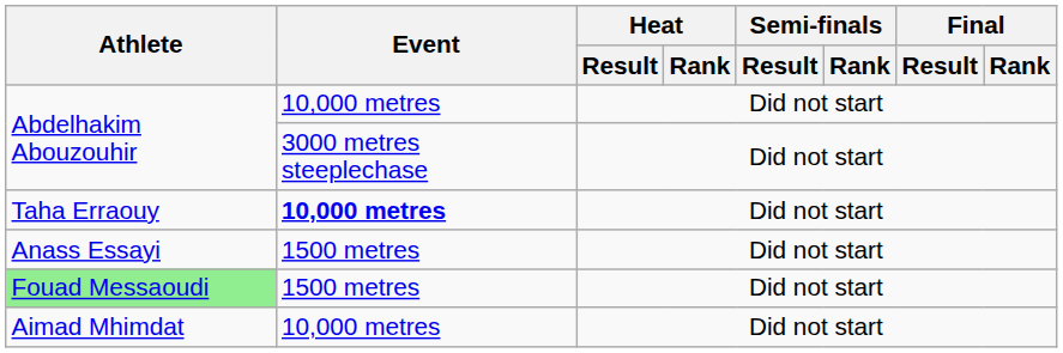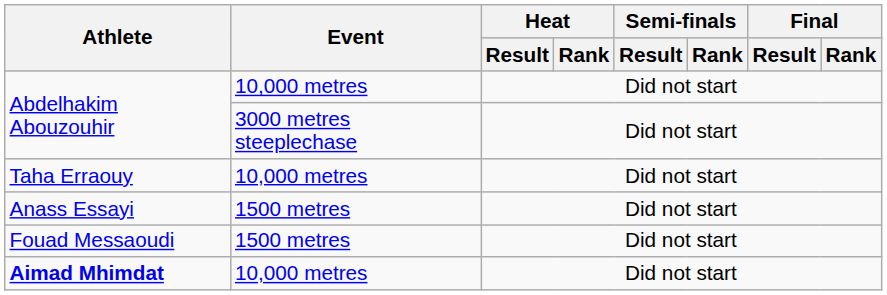 <table class="wikitable" style="font-size:90%; text-align:center">
 <tr>
 <th rowspan="2">Athlete</th>
 <th rowspan="2">Event</th>
 <th colspan="2">Heat</th>
 <th colspan="2">Semi-finals</th>
 <th colspan="2">Final</th>
 </tr>
 <tr>
 <th>Result</th>
 <th>Rank</th>
 <th>Result</th>
 <th>Rank</th>
 <th>Result</th>
 <th>Rank</th>
 </tr>
 <tr>
 <td align="left" rowspan=2><a href='#'>Abdelhakim Abouzouhir</a></td>
 <td align="left"><a href='#'>10,000 metres</a></td>
 <td colspan="6">Did not start</td>
 </tr>
 <tr>
 <td align="left"><a href='#'>3000 metres steeplechase</a></td>
 <td colspan="6">Did not start</td>
 </tr>
 <tr>
 <td align="left"><a href='#'>Taha Erraouy</a></td>
-<td align="left"><strong><a href='#'>10,000 metres</a></strong></td>
+<td align="left"><a href='#'>10,000 metres</a></td>
 <td colspan="6">Did not start</td>
 </tr>
 <tr>
 <td align="left"><a href='#'>Anass Essayi</a></td>
 <td align="left"><a href='#'>1500 metres</a></td>
 <td colspan="6">Did not start</td>
 </tr>
 <tr>
-<td align="left" style="background: lightgreen;"><a href='#'>Fouad Messaoudi</a></td>
+<td align="left"><a href='#'>Fouad Messaoudi</a></td>
 <td align="left"><a href='#'>1500 metres</a></td>
 <td colspan="6">Did not start</td>
 </tr>
 <tr>
-<td align="left"><a href='#'>Aimad Mhimdat</a></td>
+<td align="left"><strong><a href='#'>Aimad Mhimdat</a></strong></td>
 <td align="left"><a href='#'>10,000 metres</a></td>
 <td colspan="6">Did not start</td>
 </tr>
 </table>
